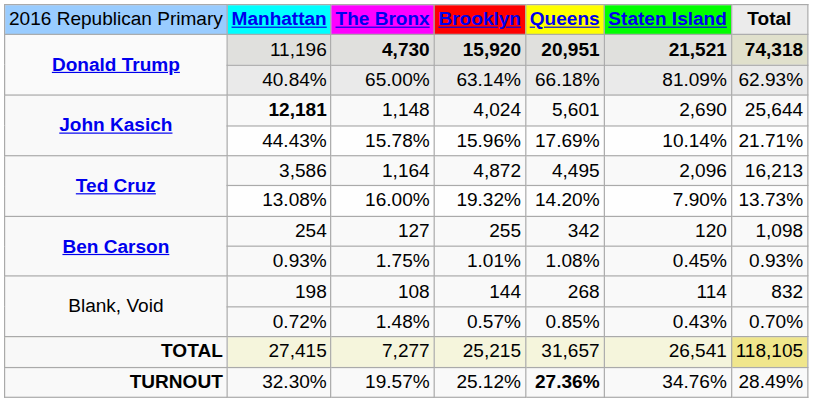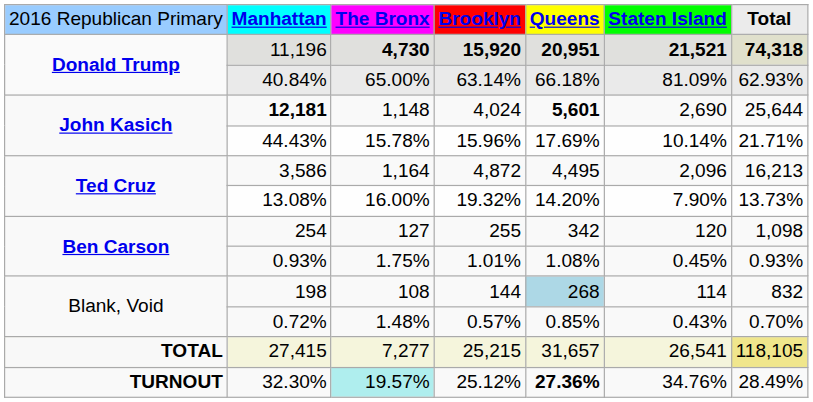 <table class="wikitable"  style="text-align:right;">
 <tr style="text-align:center;">
 <td style="background:#99CCFF;">2016 Republican Primary</td>
 <td style="background:aqua;"><strong><a href='#'>Manhattan</a></strong></td>
 <td style="background:magenta;"><strong><a href='#'>The Bronx</a></strong></td>
 <td style="background:red;"><strong><a href='#'>Brooklyn</a></strong></td>
 <td style="background:yellow;"><strong><a href='#'>Queens</a></strong></td>
 <td style="background:lime;"><strong><a href='#'>Staten Island</a></strong></td>
 <td style="background:#ebebeb;"><strong>Total</strong></td>
 </tr>
 <tr style="background:#e0e0dd;">
 <td rowspan="2" style="background:#fafafa; text-align:center;"><strong><a href='#'>Donald Trump</a></strong></td>
 <td>11,196</td>
 <td><strong>4,730</strong></td>
 <td><strong>15,920</strong></td>
 <td><strong>20,951</strong></td>
 <td><strong>21,521</strong></td>
 <td style="background:#e0e0cc;"><strong>74,318</strong></td>
 </tr>
 <tr style="background:#eaeaea;">
 <td>40.84%</td>
 <td>65.00%</td>
 <td>63.14%</td>
 <td>66.18%</td>
 <td>81.09%</td>
 <td>62.93%</td>
 </tr>
 <tr>
 <td rowspan="2" style="text-align:center;"><strong><a href='#'>John Kasich</a></strong></td>
 <td><strong>12,181</strong></td>
 <td>1,148</td>
 <td>4,024</td>
-<td>5,601</td>
+<td><strong>5,601</strong></td>
 <td>2,690</td>
 <td>25,644</td>
 </tr>
 <tr style="background:#fefefe;">
 <td>44.43%</td>
 <td>15.78%</td>
 <td>15.96%</td>
 <td>17.69%</td>
 <td>10.14%</td>
 <td>21.71%</td>
 </tr>
 <tr>
 <td rowspan="2" style="text-align:center;"><strong><a href='#'>Ted Cruz</a></strong></td>
 <td>3,586</td>
 <td>1,164</td>
 <td>4,872</td>
 <td>4,495</td>
 <td>2,096</td>
 <td>16,213</td>
 </tr>
 <tr style="background:#fefefe;">
 <td>13.08%</td>
 <td>16.00%</td>
 <td>19.32%</td>
 <td>14.20%</td>
 <td>7.90%</td>
 <td>13.73%</td>
 </tr>
 <tr>
 <td rowspan="2" style="text-align:center;"><strong><a href='#'>Ben Carson</a></strong></td>
 <td>254</td>
 <td>127</td>
 <td>255</td>
 <td>342</td>
 <td>120</td>
 <td>1,098</td>
 </tr>
 <tr>
 <td>0.93%</td>
 <td>1.75%</td>
 <td>1.01%</td>
 <td>1.08%</td>
 <td>0.45%</td>
 <td>0.93%</td>
 </tr>
 <tr>
 <td rowspan="2" style="text-align:center;">Blank, Void</td>
 <td>198</td>
 <td>108</td>
 <td>144</td>
-<td>268</td>
+<td style="background: lightblue;">268</td>
 <td>114</td>
 <td>832</td>
 </tr>
 <tr>
 <td>0.72%</td>
 <td>1.48%</td>
 <td>0.57%</td>
 <td>0.85%</td>
 <td>0.43%</td>
 <td>0.70%</td>
 </tr>
 <tr style="background:beige;">
 <td style="background:#f8f8f8;"><strong>TOTAL</strong></td>
 <td>27,415</td>
 <td>7,277</td>
 <td>25,215</td>
 <td>31,657</td>
 <td>26,541</td>
 <td bgcolor="khaki">118,105</td>
 </tr>
 <tr>
 <td><strong>TURNOUT</strong></td>
 <td>32.30%</td>
-<td>19.57%</td>
+<td style="background: paleturquoise;">19.57%</td>
 <td>25.12%</td>
 <td><strong>27.36%</strong></td>
 <td>34.76%</td>
 <td>28.49%</td>
 </tr>
 </table>
